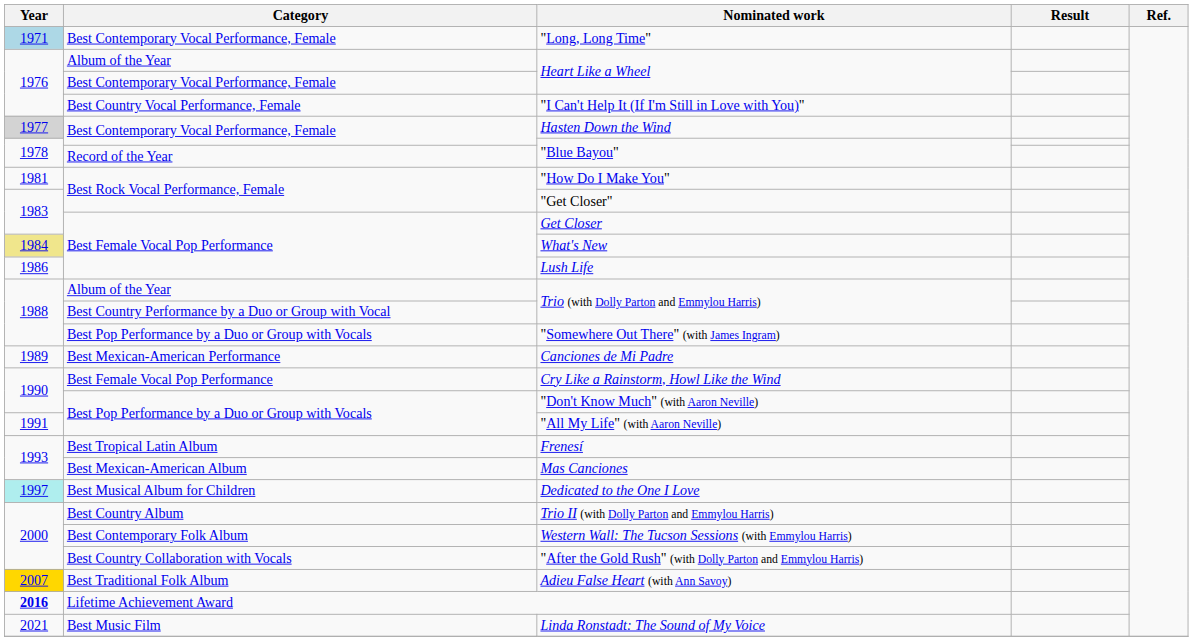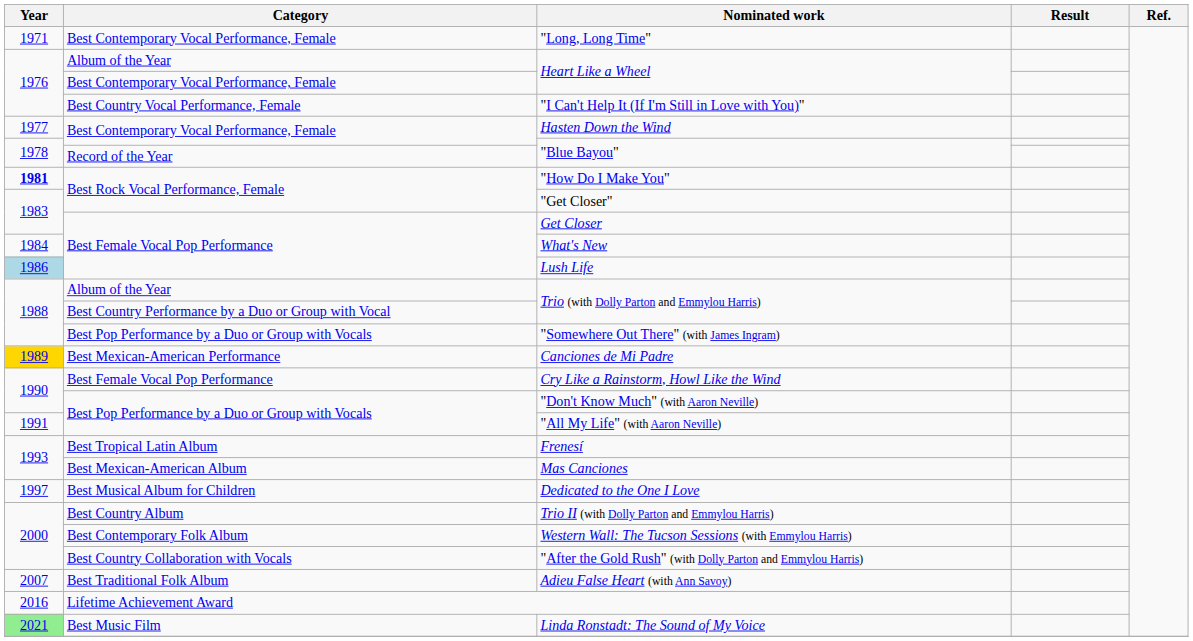 <table class="wikitable" style="width:85%;">
 <tr>
 <th width=5%>Year</th>
 <th style="width:40%;">Category</th>
 <th style="width:40%;">Nominated work</th>
 <th style="width:10%;">Result</th>
 <th style="width:5%;">Ref.</th>
 </tr>
 <tr>
-<td style="background: lightblue; text-align:center;"><a href='#'>1971</a></td>
+<td style="text-align:center;"><a href='#'>1971</a></td>
 <td><a href='#'>Best Contemporary Vocal Performance, Female</a></td>
 <td>"<a href='#'>Long, Long Time</a>"</td>
 <td></td>
 <td rowspan="28"></td>
 </tr>
 <tr>
 <td rowspan="3" style="text-align:center;"><a href='#'>1976</a></td>
 <td><a href='#'>Album of the Year</a></td>
 <td rowspan="2"><em><a href='#'>Heart Like a Wheel</a></em></td>
 <td></td>
 </tr>
 <tr>
 <td><a href='#'>Best Contemporary Vocal Performance, Female</a></td>
 <td></td>
 </tr>
 <tr>
 <td><a href='#'>Best Country Vocal Performance, Female</a></td>
 <td>"<a href='#'>I Can't Help It (If I'm Still in Love with You)</a>"</td>
 <td></td>
 </tr>
 <tr>
-<td style="background: lightgrey; text-align:center;"><a href='#'>1977</a></td>
+<td style="text-align:center;"><a href='#'>1977</a></td>
 <td rowspan="2"><a href='#'>Best Contemporary Vocal Performance, Female</a></td>
 <td><em><a href='#'>Hasten Down the Wind</a></em></td>
 <td></td>
 </tr>
 <tr>
 <td rowspan="2" style="text-align:center;"><a href='#'>1978</a></td>
 <td rowspan="2">"<a href='#'>Blue Bayou</a>"</td>
 <td></td>
 </tr>
 <tr>
 <td><a href='#'>Record of the Year</a></td>
 <td></td>
 </tr>
 <tr>
-<td style="text-align:center;"><a href='#'>1981</a></td>
+<td style="text-align:center;"><strong><a href='#'>1981</a></strong></td>
 <td rowspan="2"><a href='#'>Best Rock Vocal Performance, Female</a></td>
 <td>"<a href='#'>How Do I Make You</a>"</td>
 <td></td>
 </tr>
 <tr>
 <td rowspan="2" style="text-align:center;"><a href='#'>1983</a></td>
 <td>"Get Closer"</td>
 <td></td>
 </tr>
 <tr>
 <td rowspan="3"><a href='#'>Best Female Vocal Pop Performance</a></td>
 <td><em><a href='#'>Get Closer</a></em></td>
 <td></td>
 </tr>
 <tr>
-<td style="background: khaki; text-align:center;"><a href='#'>1984</a></td>
+<td style="text-align:center;"><a href='#'>1984</a></td>
 <td><em><a href='#'>What's New</a></em></td>
 <td></td>
 </tr>
 <tr>
-<td style="text-align:center;"><a href='#'>1986</a></td>
+<td style="background: lightblue; text-align:center;"><a href='#'>1986</a></td>
 <td><em><a href='#'>Lush Life</a></em></td>
 <td></td>
 </tr>
 <tr>
 <td rowspan="3" style="text-align:center;"><a href='#'>1988</a></td>
 <td><a href='#'>Album of the Year</a></td>
 <td rowspan="2"><em><a href='#'>Trio</a></em> <small>(with <a href='#'>Dolly Parton</a> and <a href='#'>Emmylou Harris</a>)</small></td>
 <td></td>
 </tr>
 <tr>
 <td><a href='#'>Best Country Performance by a Duo or Group with Vocal</a></td>
 <td></td>
 </tr>
 <tr>
 <td><a href='#'>Best Pop Performance by a Duo or Group with Vocals</a></td>
 <td>"<a href='#'>Somewhere Out There</a>" <small>(with <a href='#'>James Ingram</a>)</small></td>
 <td></td>
 </tr>
 <tr>
-<td style="text-align:center;"><a href='#'>1989</a></td>
+<td style="background: gold; text-align:center;"><a href='#'>1989</a></td>
 <td><a href='#'>Best Mexican-American Performance</a></td>
 <td><em><a href='#'>Canciones de Mi Padre</a></em></td>
 <td></td>
 </tr>
 <tr>
 <td rowspan="2" style="text-align:center;"><a href='#'>1990</a></td>
 <td><a href='#'>Best Female Vocal Pop Performance</a></td>
 <td><em><a href='#'>Cry Like a Rainstorm, Howl Like the Wind</a></em></td>
 <td></td>
 </tr>
 <tr>
 <td rowspan="2"><a href='#'>Best Pop Performance by a Duo or Group with Vocals</a></td>
 <td>"<a href='#'>Don't Know Much</a>" <small>(with <a href='#'>Aaron Neville</a>)</small></td>
 <td></td>
 </tr>
 <tr>
 <td style="text-align:center;"><a href='#'>1991</a></td>
 <td>"<a href='#'>All My Life</a>" <small>(with <a href='#'>Aaron Neville</a>)</small></td>
 <td></td>
 </tr>
 <tr>
 <td rowspan="2" style="text-align:center;"><a href='#'>1993</a></td>
 <td><a href='#'>Best Tropical Latin Album</a></td>
 <td><em><a href='#'>Frenesí</a></em></td>
 <td></td>
 </tr>
 <tr>
 <td><a href='#'>Best Mexican-American Album</a></td>
 <td><em><a href='#'>Mas Canciones</a></em></td>
 <td></td>
 </tr>
 <tr>
-<td style="background: paleturquoise; text-align:center;"><a href='#'>1997</a></td>
+<td style="text-align:center;"><a href='#'>1997</a></td>
 <td><a href='#'>Best Musical Album for Children</a></td>
 <td><em><a href='#'>Dedicated to the One I Love</a></em></td>
 <td></td>
 </tr>
 <tr>
 <td rowspan="3" style="text-align:center;"><a href='#'>2000</a></td>
 <td><a href='#'>Best Country Album</a></td>
 <td><em><a href='#'>Trio II</a></em> <small>(with <a href='#'>Dolly Parton</a> and <a href='#'>Emmylou Harris</a>)</small></td>
 <td></td>
 </tr>
 <tr>
 <td><a href='#'>Best Contemporary Folk Album</a></td>
 <td><em><a href='#'>Western Wall: The Tucson Sessions</a></em> <small>(with <a href='#'>Emmylou Harris</a>)</small></td>
 <td></td>
 </tr>
 <tr>
 <td><a href='#'>Best Country Collaboration with Vocals</a></td>
 <td>"<a href='#'>After the Gold Rush</a>" <small>(with <a href='#'>Dolly Parton</a> and <a href='#'>Emmylou Harris</a>)</small></td>
 <td></td>
 </tr>
 <tr>
-<td style="background: gold; text-align:center;"><a href='#'>2007</a></td>
+<td style="text-align:center;"><a href='#'>2007</a></td>
 <td><a href='#'>Best Traditional Folk Album</a></td>
 <td><em><a href='#'>Adieu False Heart</a></em> <small>(with <a href='#'>Ann Savoy</a>)</small></td>
 <td></td>
 </tr>
 <tr>
-<td style="text-align:center;"><strong><a href='#'>2016</a></strong></td>
+<td style="text-align:center;"><a href='#'>2016</a></td>
 <td colspan="2"><a href='#'>Lifetime Achievement Award</a></td>
 <td></td>
 </tr>
 <tr>
-<td style="text-align:center;"><a href='#'>2021</a></td>
+<td style="background: lightgreen; text-align:center;"><a href='#'>2021</a></td>
 <td><a href='#'>Best Music Film</a></td>
 <td><em><a href='#'>Linda Ronstadt: The Sound of My Voice</a></em></td>
 <td></td>
 </tr>
 <tr>
 </tr>
 </table>
